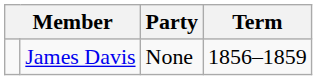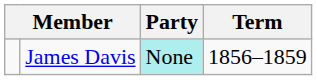 <table class="wikitable">
 <tr>
 <th colspan="2">Member</th>
 <th>Party</th>
 <th>Term</th>
 </tr>
 <tr>
 <td> </td>
 <td><a href='#'>James Davis</a></td>
-<td>None</td>
+<td style="background: paleturquoise;">None</td>
 <td>1856–1859</td>
 </tr>
 </table>
